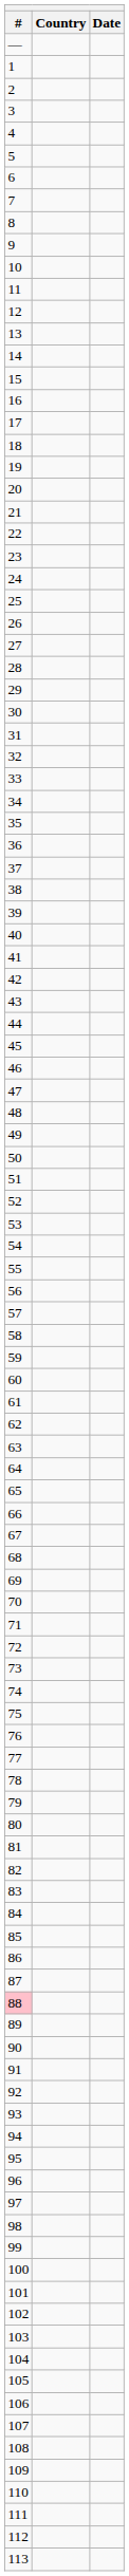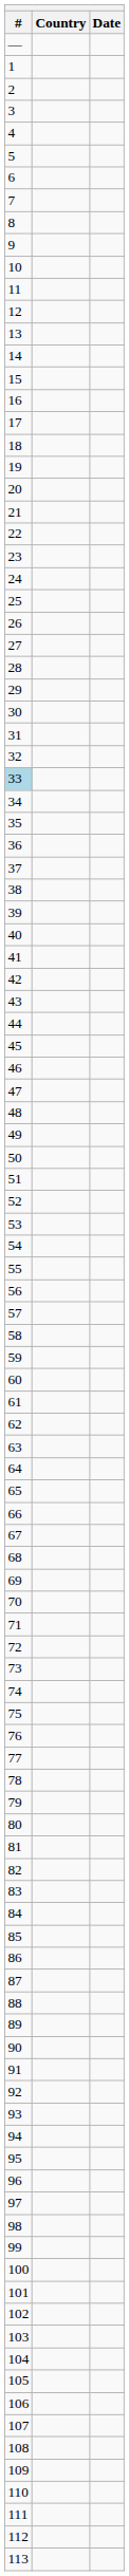 <table class="wikitable sortable">
 <tr>
 <th colspan="3"></th>
 </tr>
 <tr>
 <th>#</th>
 <th>Country</th>
 <th>Date</th>
 </tr>
 <tr>
 <td>—</td>
 <td></td>
 <td></td>
 </tr>
 <tr>
 <td>1</td>
 <td></td>
 <td></td>
 </tr>
 <tr>
 <td>2</td>
 <td></td>
 <td></td>
 </tr>
 <tr>
 <td>3</td>
 <td></td>
 <td></td>
 </tr>
 <tr>
 <td>4</td>
 <td></td>
 <td></td>
 </tr>
 <tr>
 <td>5</td>
 <td></td>
 <td></td>
 </tr>
 <tr>
 <td>6</td>
 <td></td>
 <td></td>
 </tr>
 <tr>
 <td>7</td>
 <td></td>
 <td></td>
 </tr>
 <tr>
 <td>8</td>
 <td></td>
 <td></td>
 </tr>
 <tr>
 <td>9</td>
 <td></td>
 <td></td>
 </tr>
 <tr>
 <td>10</td>
 <td></td>
 <td></td>
 </tr>
 <tr>
 <td>11</td>
 <td></td>
 <td></td>
 </tr>
 <tr>
 <td>12</td>
 <td></td>
 <td></td>
 </tr>
 <tr>
 <td>13</td>
 <td></td>
 <td></td>
 </tr>
 <tr>
 <td>14</td>
 <td></td>
 <td></td>
 </tr>
 <tr>
 <td>15</td>
 <td></td>
 <td></td>
 </tr>
 <tr>
 <td>16</td>
 <td></td>
 <td></td>
 </tr>
 <tr>
 <td>17</td>
 <td></td>
 <td></td>
 </tr>
 <tr>
 <td>18</td>
 <td></td>
 <td></td>
 </tr>
 <tr>
 <td>19</td>
 <td></td>
 <td></td>
 </tr>
 <tr>
 <td>20</td>
 <td></td>
 <td></td>
 </tr>
 <tr>
 <td>21</td>
 <td></td>
 <td></td>
 </tr>
 <tr>
 <td>22</td>
 <td></td>
 <td></td>
 </tr>
 <tr>
 <td>23</td>
 <td></td>
 <td></td>
 </tr>
 <tr>
 <td>24</td>
 <td></td>
 <td></td>
 </tr>
 <tr>
 <td>25</td>
 <td></td>
 <td></td>
 </tr>
 <tr>
 <td>26</td>
 <td></td>
 <td></td>
 </tr>
 <tr>
 <td>27</td>
 <td></td>
 <td></td>
 </tr>
 <tr>
 <td>28</td>
 <td></td>
 <td></td>
 </tr>
 <tr>
 <td>29</td>
 <td></td>
 <td></td>
 </tr>
 <tr>
 <td>30</td>
 <td></td>
 <td></td>
 </tr>
 <tr>
 <td>31</td>
 <td></td>
 <td></td>
 </tr>
 <tr>
 <td>32</td>
 <td></td>
 <td></td>
 </tr>
 <tr>
-<td>33</td>
+<td style="background: lightblue;">33</td>
 <td></td>
 <td></td>
 </tr>
 <tr>
 <td>34</td>
 <td></td>
 <td></td>
 </tr>
 <tr>
 <td>35</td>
 <td></td>
 <td></td>
 </tr>
 <tr>
 <td>36</td>
 <td></td>
 <td></td>
 </tr>
 <tr>
 <td>37</td>
 <td></td>
 <td></td>
 </tr>
 <tr>
 <td>38</td>
 <td></td>
 <td></td>
 </tr>
 <tr>
 <td>39</td>
 <td></td>
 <td></td>
 </tr>
 <tr>
 <td>40</td>
 <td></td>
 <td></td>
 </tr>
 <tr>
 <td>41</td>
 <td></td>
 <td></td>
 </tr>
 <tr>
 <td>42</td>
 <td></td>
 <td></td>
 </tr>
 <tr>
 <td>43</td>
 <td></td>
 <td></td>
 </tr>
 <tr>
 <td>44</td>
 <td></td>
 <td></td>
 </tr>
 <tr>
 <td>45</td>
 <td></td>
 <td></td>
 </tr>
 <tr>
 <td>46</td>
 <td></td>
 <td></td>
 </tr>
 <tr>
 <td>47</td>
 <td></td>
 <td></td>
 </tr>
 <tr>
 <td>48</td>
 <td></td>
 <td></td>
 </tr>
 <tr>
 <td>49</td>
 <td></td>
 <td></td>
 </tr>
 <tr>
 <td>50</td>
 <td></td>
 <td></td>
 </tr>
 <tr>
 <td>51</td>
 <td></td>
 <td></td>
 </tr>
 <tr>
 <td>52</td>
 <td></td>
 <td></td>
 </tr>
 <tr>
 <td>53</td>
 <td></td>
 <td></td>
 </tr>
 <tr>
 <td>54</td>
 <td></td>
 <td></td>
 </tr>
 <tr>
 <td>55</td>
 <td></td>
 <td></td>
 </tr>
 <tr>
 <td>56</td>
 <td></td>
 <td></td>
 </tr>
 <tr>
 <td>57</td>
 <td></td>
 <td></td>
 </tr>
 <tr>
 <td>58</td>
 <td></td>
 <td></td>
 </tr>
 <tr>
 <td>59</td>
 <td></td>
 <td></td>
 </tr>
 <tr>
 <td>60</td>
 <td></td>
 <td></td>
 </tr>
 <tr>
 <td>61</td>
 <td></td>
 <td></td>
 </tr>
 <tr>
 <td>62</td>
 <td></td>
 <td></td>
 </tr>
 <tr>
 <td>63</td>
 <td></td>
 <td></td>
 </tr>
 <tr>
 <td>64</td>
 <td></td>
 <td></td>
 </tr>
 <tr>
 <td>65</td>
 <td></td>
 <td></td>
 </tr>
 <tr>
 <td>66</td>
 <td></td>
 <td></td>
 </tr>
 <tr>
 <td>67</td>
 <td></td>
 <td></td>
 </tr>
 <tr>
 <td>68</td>
 <td></td>
 <td></td>
 </tr>
 <tr>
 <td>69</td>
 <td></td>
 <td></td>
 </tr>
 <tr>
 <td>70</td>
 <td></td>
 <td></td>
 </tr>
 <tr>
 <td>71</td>
 <td></td>
 <td></td>
 </tr>
 <tr>
 <td>72</td>
 <td></td>
 <td></td>
 </tr>
 <tr>
 <td>73</td>
 <td></td>
 <td></td>
 </tr>
 <tr>
 <td>74</td>
 <td></td>
 <td></td>
 </tr>
 <tr>
 <td>75</td>
 <td></td>
 <td></td>
 </tr>
 <tr>
 <td>76</td>
 <td></td>
 <td></td>
 </tr>
 <tr>
 <td>77</td>
 <td></td>
 <td></td>
 </tr>
 <tr>
 <td>78</td>
 <td></td>
 <td></td>
 </tr>
 <tr>
 <td>79</td>
 <td></td>
 <td></td>
 </tr>
 <tr>
 <td>80</td>
 <td></td>
 <td></td>
 </tr>
 <tr>
 <td>81</td>
 <td></td>
 <td></td>
 </tr>
 <tr>
 <td>82</td>
 <td></td>
 <td></td>
 </tr>
 <tr>
 <td>83</td>
 <td></td>
 <td></td>
 </tr>
 <tr>
 <td>84</td>
 <td></td>
 <td></td>
 </tr>
 <tr>
 <td>85</td>
 <td></td>
 <td></td>
 </tr>
 <tr>
 <td>86</td>
 <td></td>
 <td></td>
 </tr>
 <tr>
 <td>87</td>
 <td></td>
 <td></td>
 </tr>
 <tr>
-<td style="background: pink;">88</td>
+<td>88</td>
 <td></td>
 <td></td>
 </tr>
 <tr>
 <td>89</td>
 <td></td>
 <td></td>
 </tr>
 <tr>
 <td>90</td>
 <td></td>
 <td></td>
 </tr>
 <tr>
 <td>91</td>
 <td></td>
 <td></td>
 </tr>
 <tr>
 <td>92</td>
 <td></td>
 <td></td>
 </tr>
 <tr>
 <td>93</td>
 <td></td>
 <td></td>
 </tr>
 <tr>
 <td>94</td>
 <td></td>
 <td></td>
 </tr>
 <tr>
 <td>95</td>
 <td></td>
 <td></td>
 </tr>
 <tr>
 <td>96</td>
 <td></td>
 <td></td>
 </tr>
 <tr>
 <td>97</td>
 <td></td>
 <td></td>
 </tr>
 <tr>
 <td>98</td>
 <td></td>
 <td></td>
 </tr>
 <tr>
 <td>99</td>
 <td></td>
 <td></td>
 </tr>
 <tr>
 <td>100</td>
 <td></td>
 <td></td>
 </tr>
 <tr>
 <td>101</td>
 <td></td>
 <td></td>
 </tr>
 <tr>
 <td>102</td>
 <td></td>
 <td></td>
 </tr>
 <tr>
 <td>103</td>
 <td></td>
 <td></td>
 </tr>
 <tr>
 <td>104</td>
 <td></td>
 <td></td>
 </tr>
 <tr>
 <td>105</td>
 <td></td>
 <td></td>
 </tr>
 <tr>
 <td>106</td>
 <td></td>
 <td></td>
 </tr>
 <tr>
 <td>107</td>
 <td></td>
 <td></td>
 </tr>
 <tr>
 <td>108</td>
 <td></td>
 <td></td>
 </tr>
 <tr>
 <td>109</td>
 <td></td>
 <td></td>
 </tr>
 <tr>
 <td>110</td>
 <td></td>
 <td></td>
 </tr>
 <tr>
 <td>111</td>
 <td></td>
 <td></td>
 </tr>
 <tr>
 <td>112</td>
 <td></td>
 <td></td>
 </tr>
 <tr>
 <td>113</td>
 <td></td>
 <td></td>
 </tr>
 </table>
